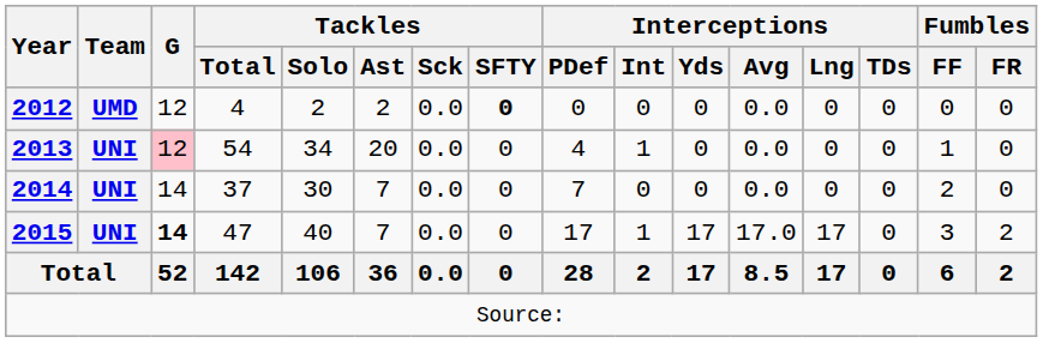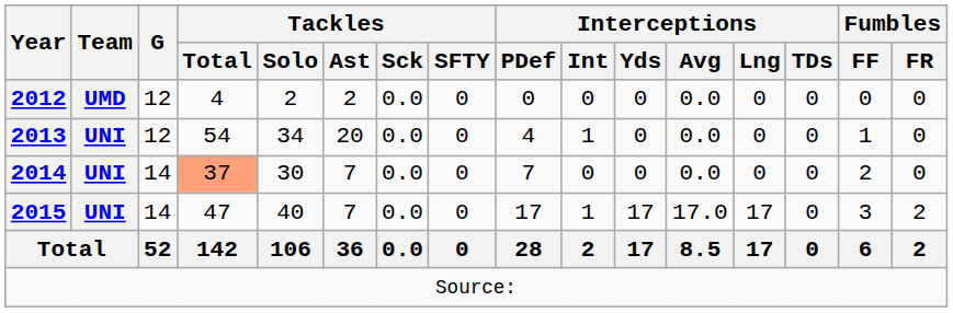 <table class="wikitable" style="text-align: center;">
 <tr>
 <th rowspan=2>Year</th>
 <th rowspan=2>Team</th>
 <th rowspan=2>G</th>
 <th colspan=5>Tackles</th>
 <th colspan=6>Interceptions</th>
 <th colspan=2>Fumbles</th>
 </tr>
 <tr>
 <th>Total</th>
 <th>Solo</th>
 <th>Ast</th>
 <th>Sck</th>
 <th>SFTY</th>
 <th>PDef</th>
 <th>Int</th>
 <th>Yds</th>
 <th>Avg</th>
 <th>Lng</th>
 <th>TDs</th>
 <th>FF</th>
 <th>FR</th>
 </tr>
 <tr>
 <th><a href='#'>2012</a></th>
 <th><a href='#'>UMD</a></th>
 <td>12</td>
 <td>4</td>
 <td>2</td>
 <td>2</td>
 <td>0.0</td>
-<td><strong>0</strong></td>
+<td>0</td>
 <td>0</td>
 <td>0</td>
 <td>0</td>
 <td>0.0</td>
 <td>0</td>
 <td>0</td>
 <td>0</td>
 <td>0</td>
 </tr>
 <tr>
 <th><a href='#'>2013</a></th>
 <th><a href='#'>UNI</a></th>
-<td style="background: pink;">12</td>
+<td>12</td>
 <td>54</td>
 <td>34</td>
 <td>20</td>
 <td>0.0</td>
 <td>0</td>
 <td>4</td>
 <td>1</td>
 <td>0</td>
 <td>0.0</td>
 <td>0</td>
 <td>0</td>
 <td>1</td>
 <td>0</td>
 </tr>
 <tr>
 <th><a href='#'>2014</a></th>
 <th><a href='#'>UNI</a></th>
 <td>14</td>
-<td>37</td>
+<td style="background: lightsalmon;">37</td>
 <td>30</td>
 <td>7</td>
 <td>0.0</td>
 <td>0</td>
 <td>7</td>
 <td>0</td>
 <td>0</td>
 <td>0.0</td>
 <td>0</td>
 <td>0</td>
 <td>2</td>
 <td>0</td>
 </tr>
 <tr>
 <th><a href='#'>2015</a></th>
 <th><a href='#'>UNI</a></th>
-<td><strong>14</strong></td>
+<td>14</td>
 <td>47</td>
 <td>40</td>
 <td>7</td>
 <td>0.0</td>
 <td>0</td>
 <td>17</td>
 <td>1</td>
 <td>17</td>
 <td>17.0</td>
 <td>17</td>
 <td>0</td>
 <td>3</td>
 <td>2</td>
 </tr>
 <tr>
 <th colspan=2>Total</th>
 <th>52</th>
 <th>142</th>
 <th>106</th>
 <th>36</th>
 <th>0.0</th>
 <th>0</th>
 <th>28</th>
 <th>2</th>
 <th>17</th>
 <th>8.5</th>
 <th>17</th>
 <th>0</th>
 <th>6</th>
 <th>2</th>
 </tr>
 <tr>
 <td colspan="16"><small>Source: </small></td>
 </tr>
 </table>
